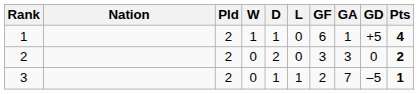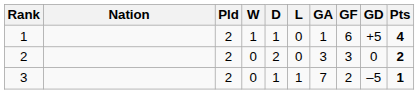 <table class="wikitable" style="text-align: center;">
 <tr>
 <th width=5>Rank</th>
 <th width=200>Nation</th>
 <th width=20>Pld</th>
 <th width=20>W</th>
 <th width=20>D</th>
 <th width=20>L</th>
+<th width=20>GA</th>
 <th width=20>GF</th>
-<th width=20>GA</th>
 <th width=20>GD</th>
 <th width=20>Pts</th>
 </tr>
 <tr>
 <td>1</td>
 <td style="text-align:left"></td>
 <td>2</td>
 <td>1</td>
 <td>1</td>
 <td>0</td>
+<td>1</td>
 <td>6</td>
-<td>1</td>
 <td>+5</td>
 <td><strong>4</strong></td>
 </tr>
 <tr>
 <td>2</td>
 <td style="text-align:left"></td>
 <td>2</td>
 <td>0</td>
 <td>2</td>
 <td>0</td>
 <td>3</td>
 <td>3</td>
 <td>0</td>
 <td><strong>2</strong></td>
 </tr>
 <tr>
 <td>3</td>
 <td style="text-align:left"></td>
 <td>2</td>
 <td>0</td>
 <td>1</td>
 <td>1</td>
+<td>7</td>
 <td>2</td>
-<td>7</td>
 <td>–5</td>
 <td><strong>1</strong></td>
 </tr>
 </table>
